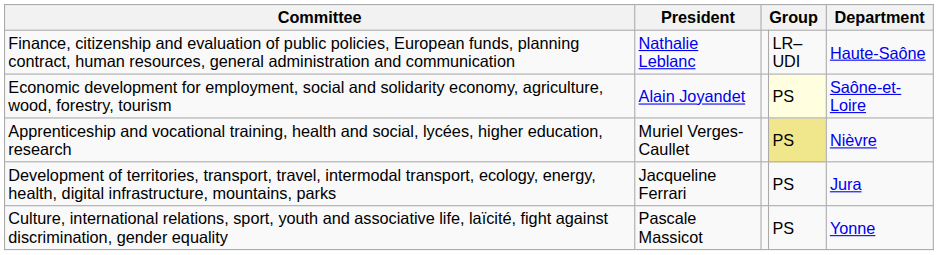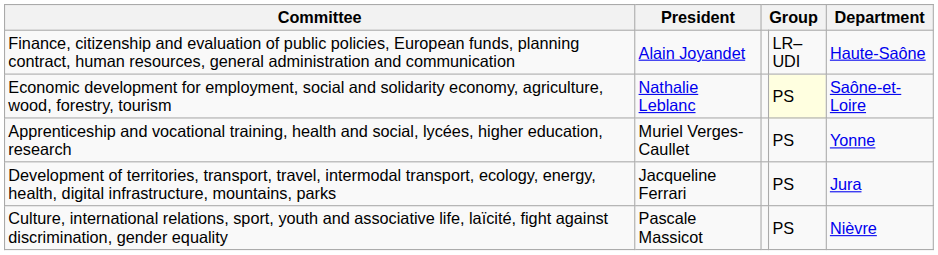 <table class="wikitable" style="font-size:95%;">
 <tr>
 <th>Committee</th>
 <th>President</th>
 <th colspan="2">Group</th>
 <th>Department</th>
 </tr>
 <tr>
 <td>Finance, citizenship and evaluation of public policies, European funds, planning contract, human resources, general administration and communication</td>
-<td><a href='#'>Nathalie Leblanc</a></td>
+<td><a href='#'>Alain Joyandet</a></td>
 <td style="background:"></td>
 <td>LR–UDI</td>
 <td><a href='#'>Haute-Saône</a></td>
 </tr>
 <tr>
 <td>Economic development for employment, social and solidarity economy, agriculture, wood, forestry, tourism</td>
-<td><a href='#'>Alain Joyandet</a></td>
+<td><a href='#'>Nathalie Leblanc</a></td>
 <td style="background:"></td>
 <td style="background: lightyellow;">PS</td>
 <td><a href='#'>Saône-et-Loire</a></td>
 </tr>
 <tr>
 <td>Apprenticeship and vocational training, health and social, lycées, higher education, research</td>
 <td>Muriel Verges-Caullet</td>
 <td style="background:"></td>
-<td style="background: khaki;">PS</td>
-<td><a href='#'>Nièvre</a></td>
+<td>PS</td>
+<td><a href='#'>Yonne</a></td>
 </tr>
 <tr>
 <td>Development of territories, transport, travel, intermodal transport, ecology, energy, health, digital infrastructure, mountains, parks</td>
 <td>Jacqueline Ferrari</td>
 <td style="background:"></td>
 <td>PS</td>
 <td><a href='#'>Jura</a></td>
 </tr>
 <tr>
 <td>Culture, international relations, sport, youth and associative life, laïcité, fight against discrimination, gender equality</td>
 <td>Pascale Massicot</td>
 <td style="background:"></td>
 <td>PS</td>
-<td><a href='#'>Yonne</a></td>
+<td><a href='#'>Nièvre</a></td>
 </tr>
 </table>
